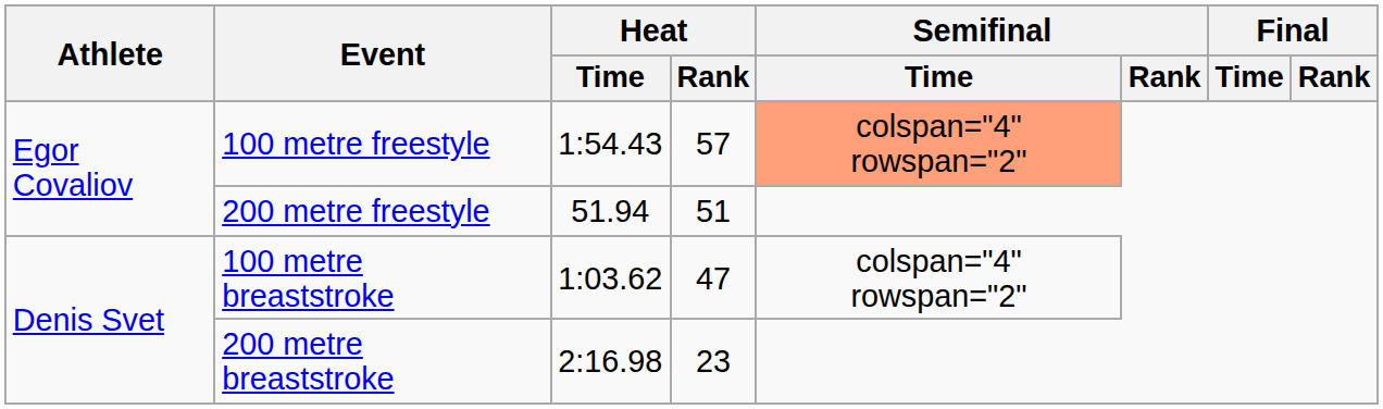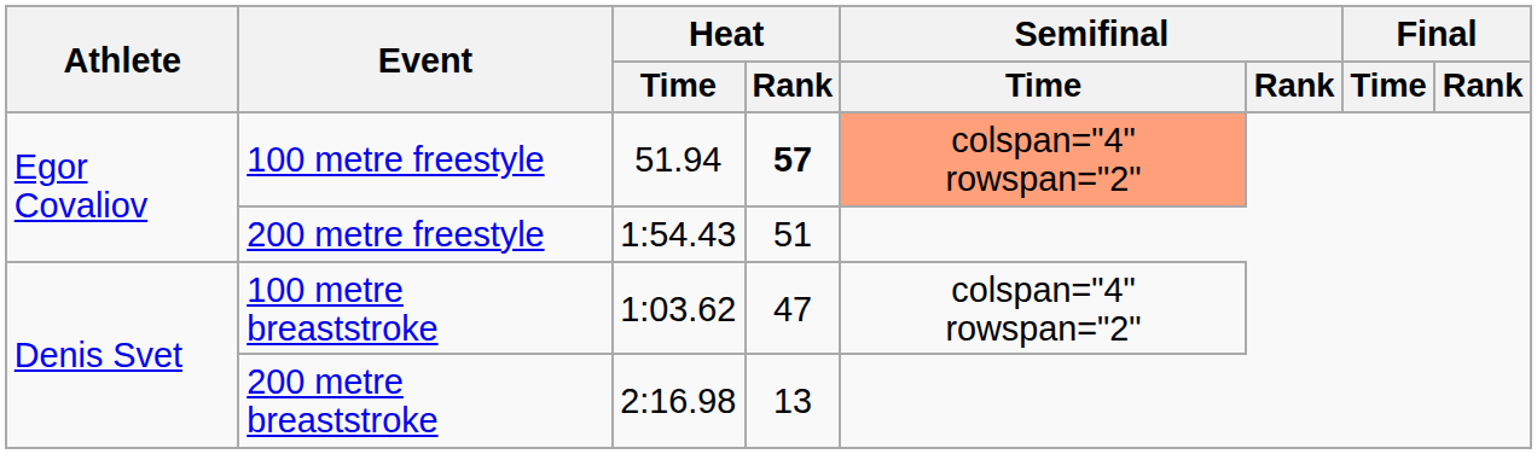 <table class="wikitable" style="text-align:center; font-size:90%; width:50%;">
 <tr>
 <th rowspan="2">Athlete</th>
 <th rowspan="2">Event</th>
 <th colspan="2">Heat</th>
 <th colspan="2">Semifinal</th>
 <th colspan="2">Final</th>
 </tr>
 <tr style="font-size:95%">
 <th>Time</th>
 <th>Rank</th>
 <th>Time</th>
 <th>Rank</th>
 <th>Time</th>
 <th>Rank</th>
 </tr>
 <tr align=center>
 <td align=left rowspan="2"><a href='#'>Egor Covaliov</a></td>
 <td align=left><a href='#'>100 metre freestyle</a></td>
-<td>1:54.43</td>
-<td>57</td>
+<td>51.94</td>
+<td><strong>57</strong></td>
 <td style="background: lightsalmon;">colspan="4" rowspan="2"</td>
 </tr>
 <tr align=center>
 <td align=left><a href='#'>200 metre freestyle</a></td>
-<td>51.94</td>
+<td>1:54.43</td>
 <td>51</td>
 </tr>
 <tr align=center>
 <td align=left rowspan="2"><a href='#'>Denis Svet</a></td>
 <td align=left><a href='#'>100 metre breaststroke</a></td>
 <td>1:03.62</td>
 <td>47</td>
 <td>colspan="4" rowspan="2"</td>
 </tr>
 <tr align=center>
 <td align=left><a href='#'>200 metre breaststroke</a></td>
 <td>2:16.98</td>
-<td>23</td>
+<td>13</td>
 </tr>
 </table>
